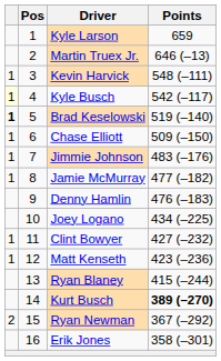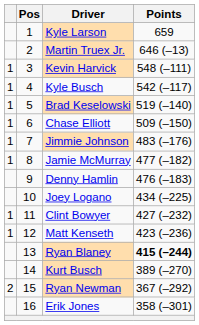 <table class="wikitable" style="font-size: 95%;">
 <tr>
 <th></th>
 <th>Pos</th>
 <th>Driver</th>
 <th>Points</th>
 </tr>
 <tr>
 <td align="left"></td>
 <td style="text-align:center;">1</td>
 <td style="background:#FFDEAD;"><a href='#'>Kyle Larson</a></td>
 <td style="text-align:center;">659</td>
 </tr>
 <tr>
 <td align="left"></td>
 <td style="text-align:center;">2</td>
 <td style="background:#FFDEAD;"><a href='#'>Martin Truex Jr.</a></td>
 <td style="text-align:center;">646 (–13)</td>
 </tr>
 <tr>
 <td align="left"> 1</td>
 <td style="text-align:center;">3</td>
 <td style="background:#FFDEAD;"><a href='#'>Kevin Harvick</a></td>
 <td style="text-align:center;">548 (–111)</td>
 </tr>
 <tr>
-<td align="left" style="background: lightyellow;"> 1</td>
+<td align="left"> 1</td>
 <td style="text-align:center;">4</td>
 <td><a href='#'>Kyle Busch</a></td>
 <td style="text-align:center;">542 (–117)</td>
 </tr>
 <tr>
-<td align="left"><strong> 1</strong></td>
+<td align="left"> 1</td>
 <td style="text-align:center;">5</td>
 <td style="background:#FFDEAD;"><a href='#'>Brad Keselowski</a></td>
 <td style="text-align:center;">519 (–140)</td>
 </tr>
 <tr>
 <td align="left"> 1</td>
 <td style="text-align:center;">6</td>
 <td><a href='#'>Chase Elliott</a></td>
 <td style="text-align:center;">509 (–150)</td>
 </tr>
 <tr>
 <td align="left"> 1</td>
 <td style="text-align:center;">7</td>
 <td style="background:#FFDEAD;"><a href='#'>Jimmie Johnson</a></td>
 <td style="text-align:center;">483 (–176)</td>
 </tr>
 <tr>
 <td align="left"> 1</td>
 <td style="text-align:center;">8</td>
 <td><a href='#'>Jamie McMurray</a></td>
 <td style="text-align:center;">477 (–182)</td>
 </tr>
 <tr>
 <td align="left"></td>
 <td style="text-align:center;">9</td>
 <td><a href='#'>Denny Hamlin</a></td>
 <td style="text-align:center;">476 (–183)</td>
 </tr>
 <tr>
 <td align="left"></td>
 <td style="text-align:center;">10</td>
 <td><a href='#'>Joey Logano</a></td>
 <td style="text-align:center;">434 (–225)</td>
 </tr>
 <tr>
 <td align="left"> 1</td>
 <td style="text-align:center;">11</td>
 <td><a href='#'>Clint Bowyer</a></td>
 <td style="text-align:center;">427 (–232)</td>
 </tr>
 <tr>
 <td align="left"> 1</td>
 <td style="text-align:center;">12</td>
 <td><a href='#'>Matt Kenseth</a></td>
 <td style="text-align:center;">423 (–236)</td>
 </tr>
 <tr>
 <td align="left"></td>
 <td style="text-align:center;">13</td>
 <td style="background:#FFDEAD;"><a href='#'>Ryan Blaney</a></td>
-<td style="text-align:center;">415 (–244)</td>
+<td style="text-align:center;"><strong>415 (–244)</strong></td>
 </tr>
 <tr>
 <td align="left"></td>
 <td style="text-align:center;">14</td>
 <td style="background:#FFDEAD;"><a href='#'>Kurt Busch</a></td>
-<td style="text-align:center;"><strong>389 (–270)</strong></td>
+<td style="text-align:center;">389 (–270)</td>
 </tr>
 <tr>
 <td align="left"> 2</td>
 <td style="text-align:center;">15</td>
 <td style="background:#FFDEAD;"><a href='#'>Ryan Newman</a></td>
 <td style="text-align:center;">367 (–292)</td>
 </tr>
 <tr>
 <td align="left"></td>
 <td style="text-align:center;">16</td>
 <td><a href='#'>Erik Jones</a></td>
 <td style="text-align:center;">358 (–301)</td>
 </tr>
 <tr class="sortbottom">
 <th colspan="9"></th>
 </tr>
 </table>
